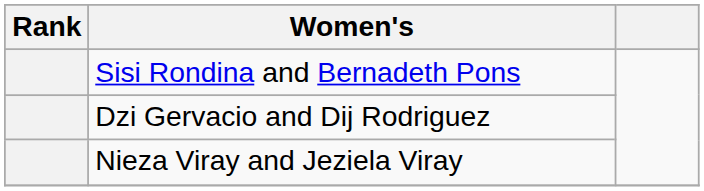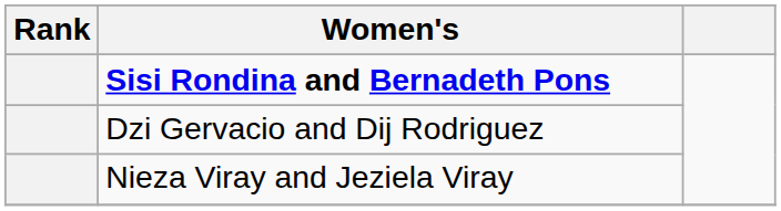 <table class="wikitable" style="text-align: center;">
 <tr>
 <th width=40>Rank</th>
 <th width=290>Women's</th>
 <th width=40></th>
 </tr>
 <tr>
 <th></th>
-<td style="text-align:left;"><a href='#'>Sisi Rondina</a> and <a href='#'>Bernadeth Pons</a> </td>
+<td style="text-align:left;"><strong><a href='#'>Sisi Rondina</a> and <a href='#'>Bernadeth Pons</a> </strong></td>
 <td rowspan=3></td>
 </tr>
 <tr>
 <th></th>
 <td style="text-align:left;">Dzi Gervacio and Dij Rodriguez </td>
 </tr>
 <tr>
 <th></th>
 <td style="text-align:left;">Nieza Viray and Jeziela Viray </td>
 </tr>
 <tr>
 </tr>
 </table>
